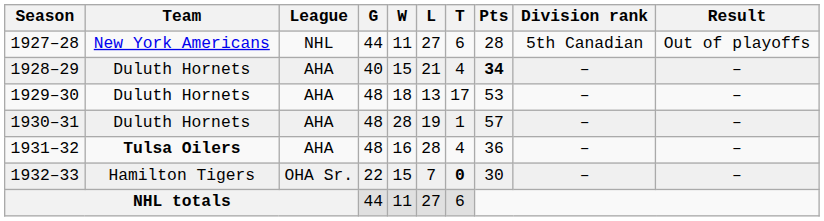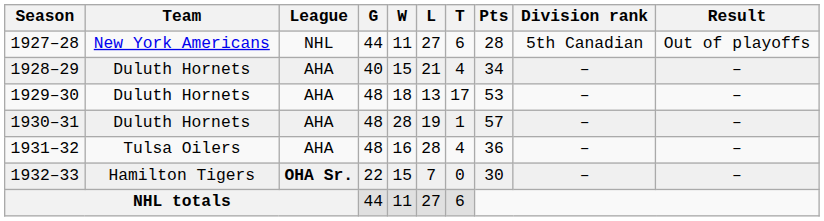 <table class="wikitable" style="font-size: 95%; text-align:center; width:50em;">
 <tr bgcolor="#e0e0e0">
 <th>Season</th>
 <th>Team</th>
 <th>League</th>
 <th>G</th>
 <th>W</th>
 <th>L</th>
 <th>T</th>
 <th>Pts</th>
 <th>Division rank</th>
 <th>Result</th>
 </tr>
 <tr>
 <td>1927–28</td>
 <td><a href='#'>New York Americans</a></td>
 <td>NHL</td>
 <td>44</td>
 <td>11</td>
 <td>27</td>
 <td>6</td>
 <td>28</td>
 <td>5th Canadian</td>
 <td>Out of playoffs</td>
 </tr>
 <tr bgcolor="#f0f0f0">
 <td>1928–29</td>
 <td>Duluth Hornets</td>
 <td>AHA</td>
 <td>40</td>
 <td>15</td>
 <td>21</td>
 <td>4</td>
-<td><strong>34</strong></td>
+<td>34</td>
 <td>–</td>
 <td>–</td>
 </tr>
 <tr>
 <td>1929–30</td>
 <td>Duluth Hornets</td>
 <td>AHA</td>
 <td>48</td>
 <td>18</td>
 <td>13</td>
 <td>17</td>
 <td>53</td>
 <td>–</td>
 <td>–</td>
 </tr>
 <tr bgcolor="#f0f0f0">
 <td>1930–31</td>
 <td>Duluth Hornets</td>
 <td>AHA</td>
 <td>48</td>
 <td>28</td>
 <td>19</td>
 <td>1</td>
 <td>57</td>
 <td>–</td>
 <td>–</td>
 </tr>
 <tr>
 <td>1931–32</td>
-<td><strong>Tulsa Oilers</strong></td>
+<td>Tulsa Oilers</td>
 <td>AHA</td>
 <td>48</td>
 <td>16</td>
 <td>28</td>
 <td>4</td>
 <td>36</td>
 <td>–</td>
 <td>–</td>
 </tr>
 <tr bgcolor="#f0f0f0">
 <td>1932–33</td>
 <td>Hamilton Tigers</td>
-<td>OHA Sr.</td>
+<td><strong>OHA Sr.</strong></td>
 <td>22</td>
 <td>15</td>
 <td>7</td>
-<td><strong>0</strong></td>
+<td>0</td>
 <td>30</td>
 <td>–</td>
 <td>–</td>
 </tr>
 <tr bgcolor="#e0e0e0">
 <th colspan="3">NHL totals</th>
 <td>44</td>
 <td>11</td>
 <td>27</td>
 <td>6</td>
 </tr>
 </table>
